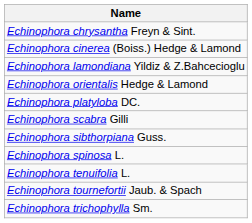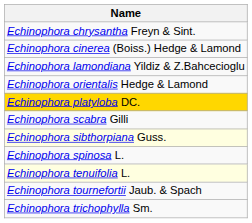 <table class="wikitable">
 <tr>
 <th>Name</th>
 </tr>
 <tr>
 <td><em><a href='#'>Echinophora chrysantha</a></em> Freyn & Sint.</td>
 </tr>
 <tr>
 <td><em><a href='#'>Echinophora cinerea</a></em> (Boiss.) Hedge & Lamond</td>
 </tr>
 <tr>
 <td><em><a href='#'>Echinophora lamondiana</a></em> Yildiz & Z.Bahcecioglu</td>
 </tr>
 <tr>
 <td><em><a href='#'>Echinophora orientalis</a></em> Hedge & Lamond</td>
 </tr>
 <tr>
-<td><em><a href='#'>Echinophora platyloba</a></em> DC.</td>
+<td style="background: gold;"><em><a href='#'>Echinophora platyloba</a></em> DC.</td>
 </tr>
 <tr>
 <td><em><a href='#'>Echinophora scabra</a></em> Gilli</td>
 </tr>
 <tr>
-<td><em><a href='#'>Echinophora sibthorpiana</a></em> Guss.</td>
+<td style="background: lightyellow;"><em><a href='#'>Echinophora sibthorpiana</a></em> Guss.</td>
 </tr>
 <tr>
 <td><em><a href='#'>Echinophora spinosa</a></em> L.</td>
 </tr>
 <tr>
-<td><em><a href='#'>Echinophora tenuifolia</a></em> L.</td>
+<td style="background: lightyellow;"><em><a href='#'>Echinophora tenuifolia</a></em> L.</td>
 </tr>
 <tr>
 <td><em><a href='#'>Echinophora tournefortii</a></em> Jaub. & Spach</td>
 </tr>
 <tr>
 <td><em><a href='#'>Echinophora trichophylla</a></em> Sm.</td>
 </tr>
 </table>
